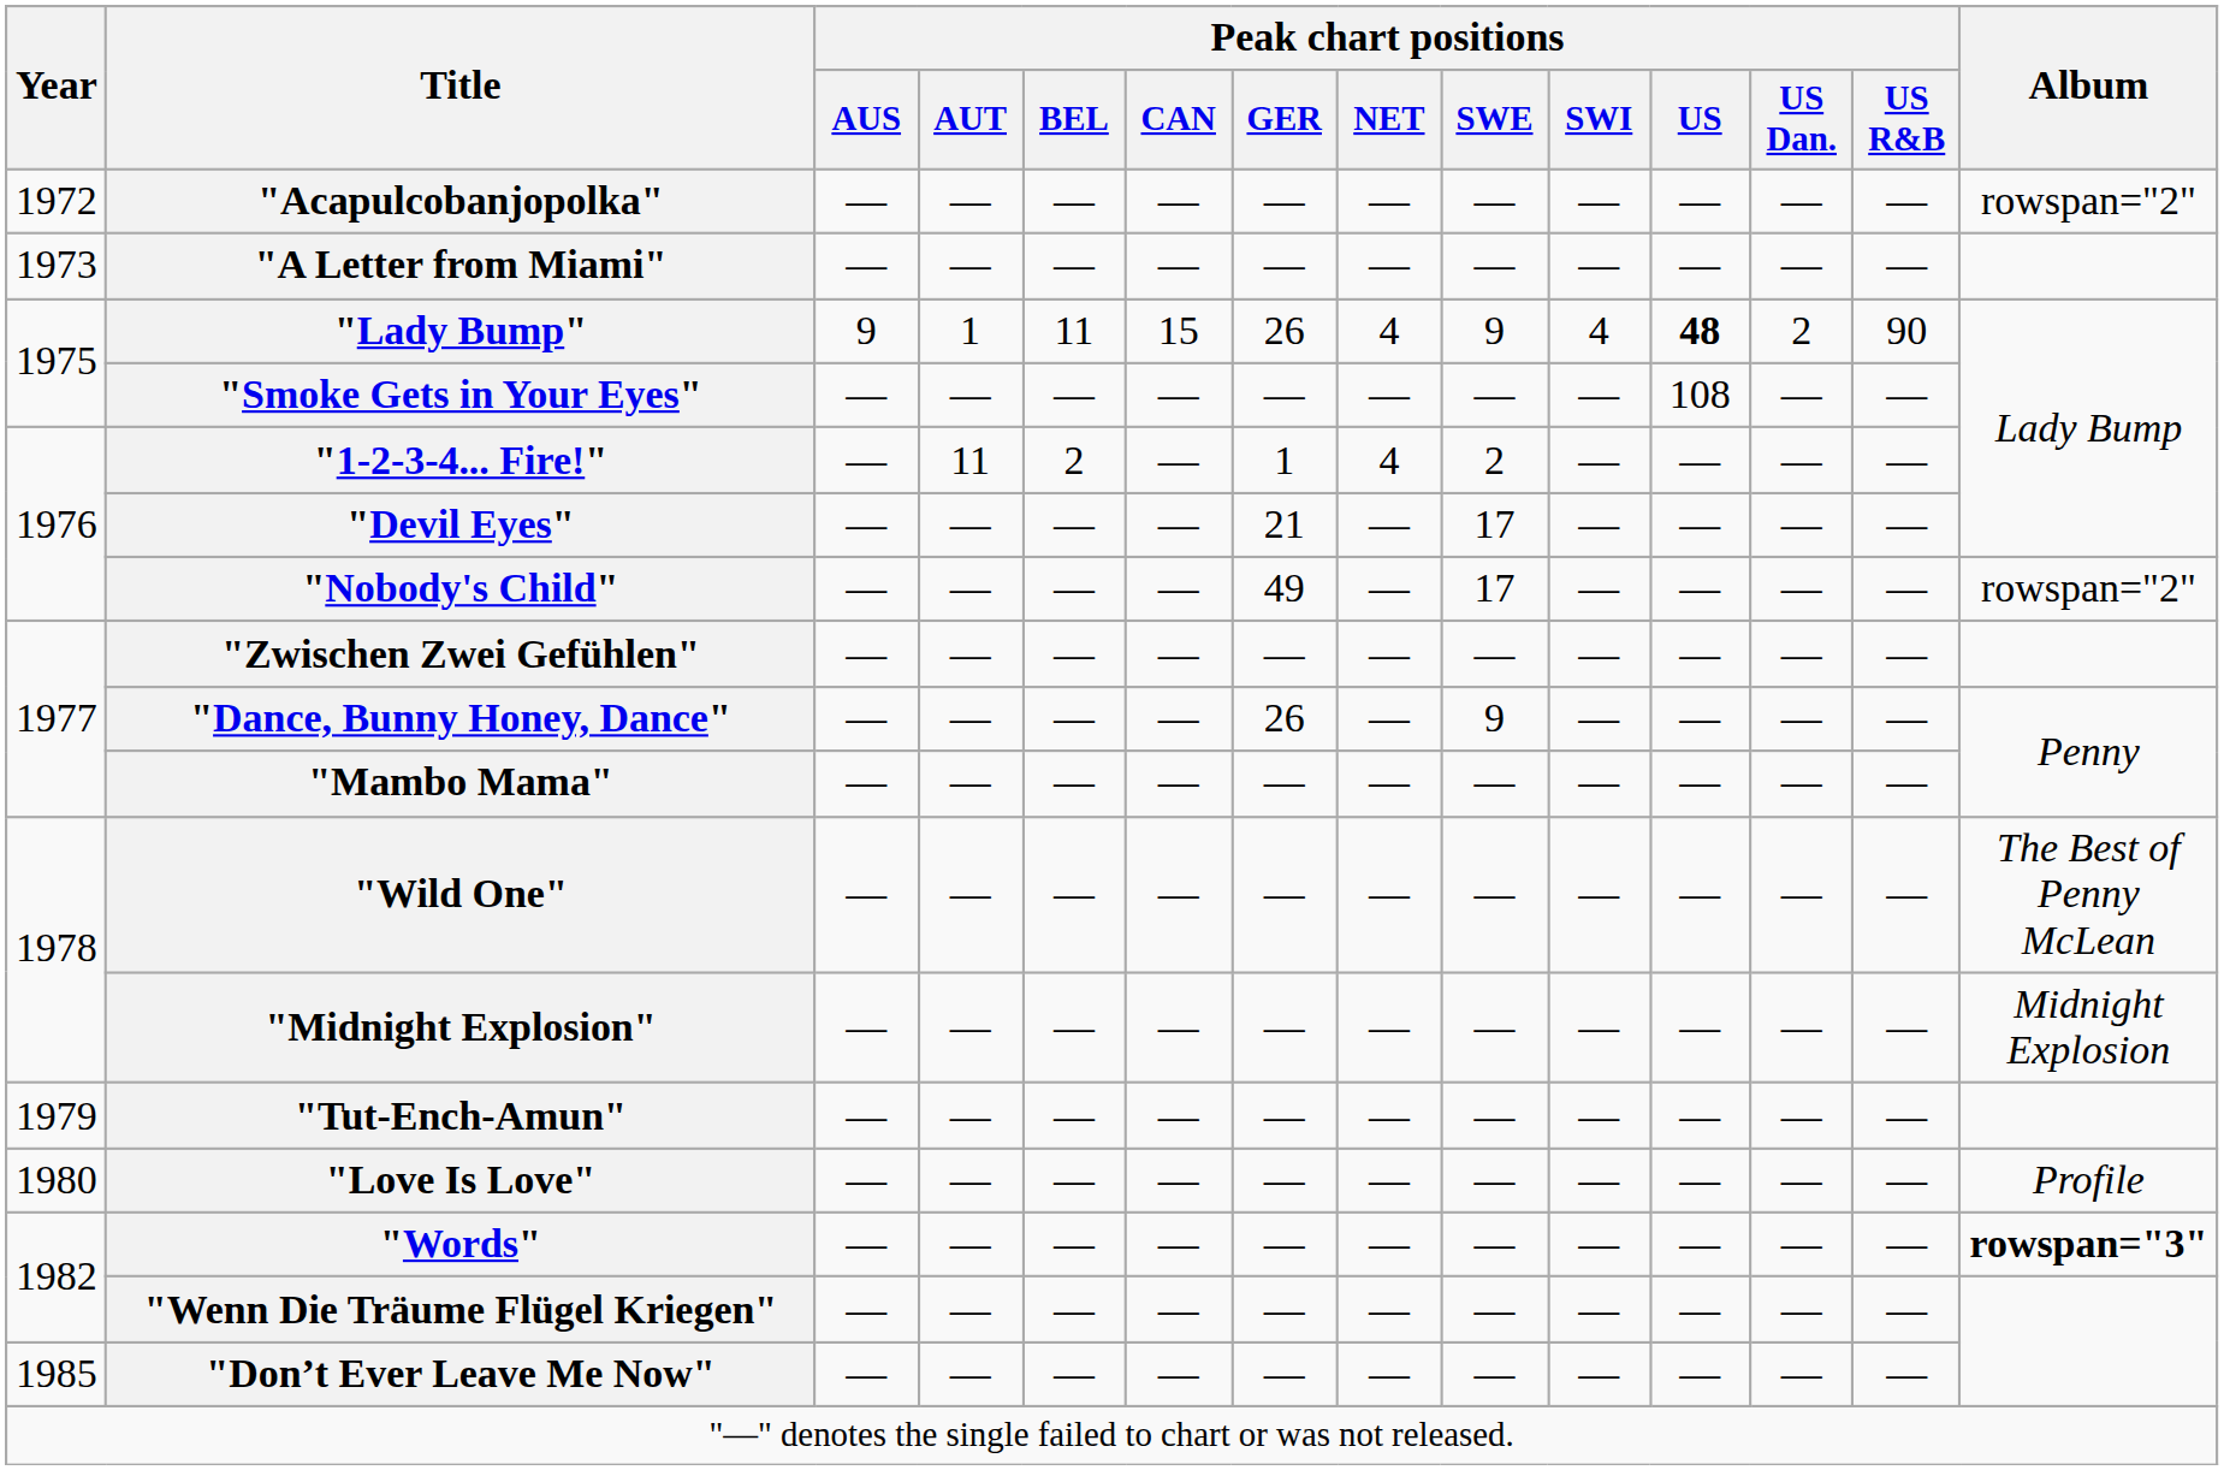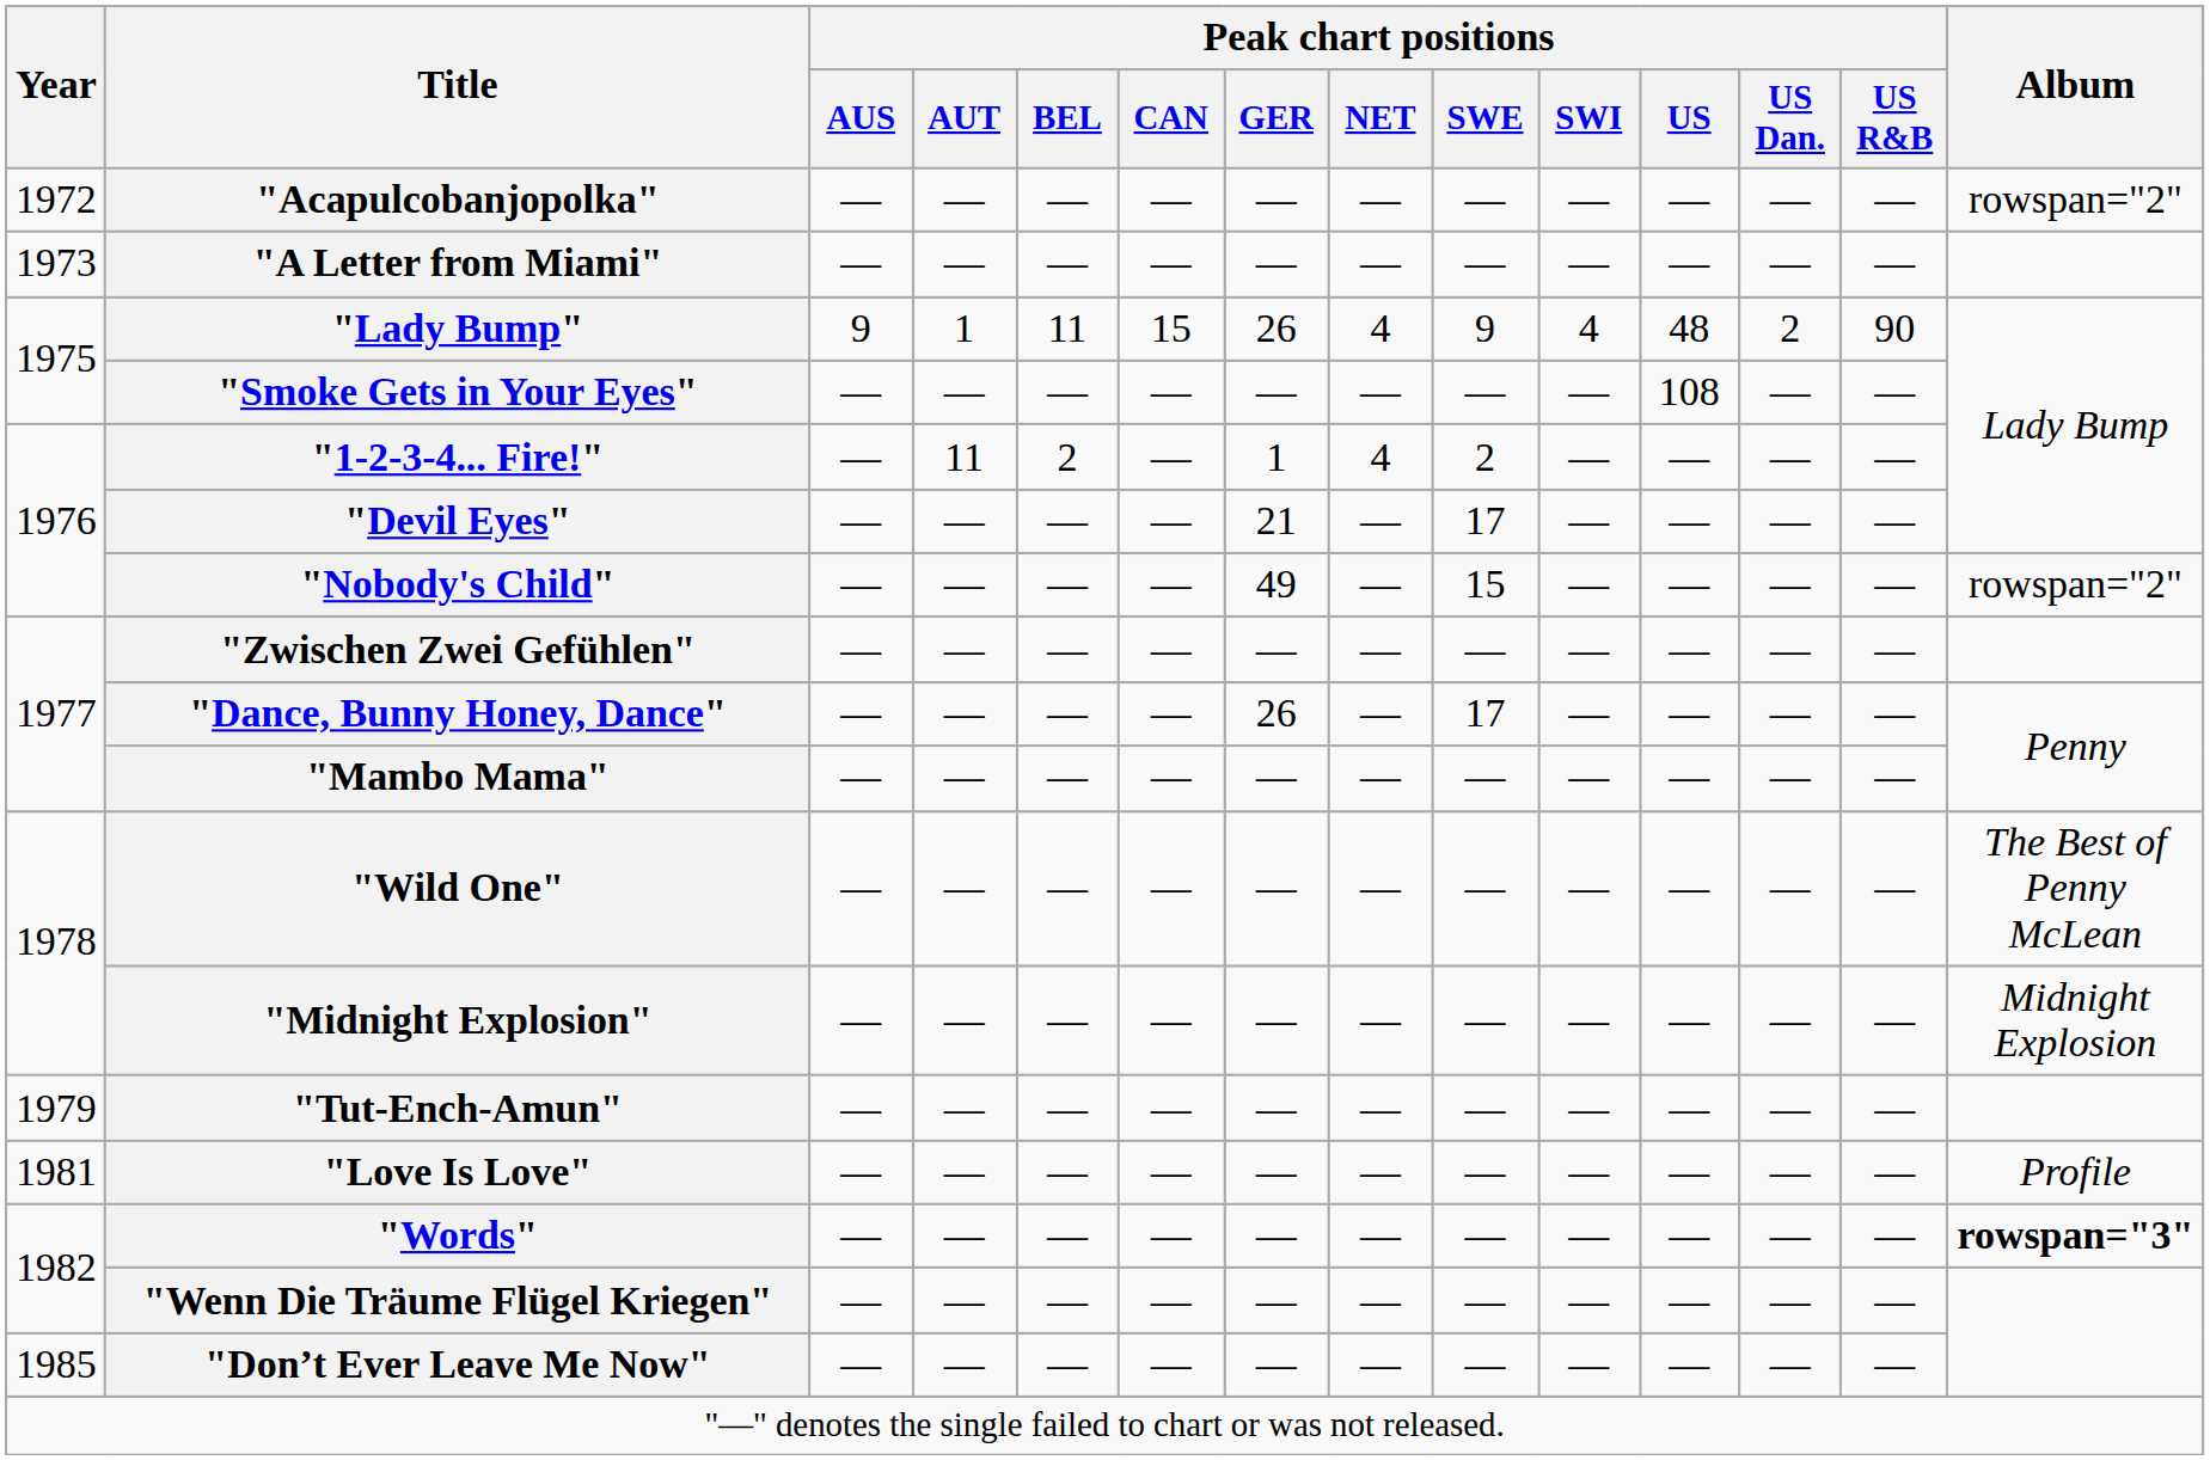 <table class="wikitable plainrowheaders" style="text-align:center;">
 <tr>
 <th scope="col" rowspan="2">Year</th>
 <th scope="col" rowspan="2" style="width:24em;">Title</th>
 <th scope="col" colspan="11">Peak chart positions</th>
 <th scope="col" rowspan="2">Album</th>
 </tr>
 <tr>
 <th style="width:3em;font-size:85%"><a href='#'>AUS</a><br></th>
 <th style="width:3em;font-size:85%"><a href='#'>AUT</a><br></th>
 <th style="width:3em;font-size:85%"><a href='#'>BEL</a><br></th>
 <th style="width:3em;font-size:85%"><a href='#'>CAN</a><br></th>
 <th style="width:3em;font-size:85%"><a href='#'>GER</a><br></th>
 <th style="width:3em;font-size:85%"><a href='#'>NET</a><br></th>
 <th style="width:3em;font-size:85%"><a href='#'>SWE</a><br></th>
 <th style="width:3em;font-size:85%"><a href='#'>SWI</a><br></th>
 <th style="width:3em;font-size:85%"><a href='#'>US</a><br></th>
 <th style="width:3em;font-size:85%"><a href='#'>US Dan.</a><br></th>
 <th style="width:3em;font-size:85%"><a href='#'>US R&B</a><br></th>
 </tr>
 <tr>
 <td>1972</td>
 <th scope="row">"Acapulcobanjopolka"</th>
 <td>—</td>
 <td>—</td>
 <td>—</td>
 <td>—</td>
 <td>—</td>
 <td>—</td>
 <td>—</td>
 <td>—</td>
 <td>—</td>
 <td>—</td>
 <td>—</td>
 <td>rowspan="2" </td>
 </tr>
 <tr>
 <td>1973</td>
 <th scope="row">"A Letter from Miami"</th>
 <td>—</td>
 <td>—</td>
 <td>—</td>
 <td>—</td>
 <td>—</td>
 <td>—</td>
 <td>—</td>
 <td>—</td>
 <td>—</td>
 <td>—</td>
 <td>—</td>
 </tr>
 <tr>
 <td rowspan="2">1975</td>
 <th scope="row">"<a href='#'>Lady Bump</a>"</th>
 <td>9</td>
 <td>1</td>
 <td>11</td>
 <td>15</td>
 <td>26</td>
 <td>4</td>
 <td>9</td>
 <td>4</td>
-<td><strong>48</strong></td>
+<td>48</td>
 <td>2</td>
 <td>90</td>
 <td rowspan="4"><em>Lady Bump</em></td>
 </tr>
 <tr>
 <th scope="row">"<a href='#'>Smoke Gets in Your Eyes</a>"</th>
 <td>—</td>
 <td>—</td>
 <td>—</td>
 <td>—</td>
 <td>—</td>
 <td>—</td>
 <td>—</td>
 <td>—</td>
 <td>108</td>
 <td>—</td>
 <td>—</td>
 </tr>
 <tr>
 <td rowspan="3">1976</td>
 <th scope="row">"<a href='#'>1-2-3-4... Fire!</a>"</th>
 <td>—</td>
 <td>11</td>
 <td>2</td>
 <td>—</td>
 <td>1</td>
 <td>4</td>
 <td>2</td>
 <td>—</td>
 <td>—</td>
 <td>—</td>
 <td>—</td>
 </tr>
 <tr>
 <th scope="row">"<a href='#'>Devil Eyes</a>"</th>
 <td>—</td>
 <td>—</td>
 <td>—</td>
 <td>—</td>
 <td>21</td>
 <td>—</td>
 <td>17</td>
 <td>—</td>
 <td>—</td>
 <td>—</td>
 <td>—</td>
 </tr>
 <tr>
 <th scope="row">"<a href='#'>Nobody's Child</a>"</th>
 <td>—</td>
 <td>—</td>
 <td>—</td>
 <td>—</td>
 <td>49</td>
 <td>—</td>
-<td>17</td>
+<td>15</td>
 <td>—</td>
 <td>—</td>
 <td>—</td>
 <td>—</td>
 <td>rowspan="2" </td>
 </tr>
 <tr>
 <td rowspan="3">1977</td>
 <th scope="row">"Zwischen Zwei Gefühlen"</th>
 <td>—</td>
 <td>—</td>
 <td>—</td>
 <td>—</td>
 <td>—</td>
 <td>—</td>
 <td>—</td>
 <td>—</td>
 <td>—</td>
 <td>—</td>
 <td>—</td>
 </tr>
 <tr>
 <th scope="row">"<a href='#'>Dance, Bunny Honey, Dance</a>"</th>
 <td>—</td>
 <td>—</td>
 <td>—</td>
 <td>—</td>
 <td>26</td>
 <td>—</td>
-<td>9</td>
+<td>17</td>
 <td>—</td>
 <td>—</td>
 <td>—</td>
 <td>—</td>
 <td rowspan="2"><em>Penny</em></td>
 </tr>
 <tr>
 <th scope="row">"Mambo Mama"</th>
 <td>—</td>
 <td>—</td>
 <td>—</td>
 <td>—</td>
 <td>—</td>
 <td>—</td>
 <td>—</td>
 <td>—</td>
 <td>—</td>
 <td>—</td>
 <td>—</td>
 </tr>
 <tr>
 <td rowspan="2">1978</td>
 <th scope="row">"Wild One"</th>
 <td>—</td>
 <td>—</td>
 <td>—</td>
 <td>—</td>
 <td>—</td>
 <td>—</td>
 <td>—</td>
 <td>—</td>
 <td>—</td>
 <td>—</td>
 <td>—</td>
 <td><em>The Best of Penny McLean</em></td>
 </tr>
 <tr>
 <th scope="row">"Midnight Explosion"</th>
 <td>—</td>
 <td>—</td>
 <td>—</td>
 <td>—</td>
 <td>—</td>
 <td>—</td>
 <td>—</td>
 <td>—</td>
 <td>—</td>
 <td>—</td>
 <td>—</td>
 <td><em>Midnight Explosion</em></td>
 </tr>
 <tr>
 <td>1979</td>
 <th scope="row">"Tut-Ench-Amun"</th>
 <td>—</td>
 <td>—</td>
 <td>—</td>
 <td>—</td>
 <td>—</td>
 <td>—</td>
 <td>—</td>
 <td>—</td>
 <td>—</td>
 <td>—</td>
 <td>—</td>
 <td></td>
 </tr>
 <tr>
-<td>1980</td>
+<td>1981</td>
 <th scope="row">"Love Is Love"</th>
 <td>—</td>
 <td>—</td>
 <td>—</td>
 <td>—</td>
 <td>—</td>
 <td>—</td>
 <td>—</td>
 <td>—</td>
 <td>—</td>
 <td>—</td>
 <td>—</td>
 <td><em>Profile</em></td>
 </tr>
 <tr>
 <td rowspan="2">1982</td>
 <th scope="row">"<a href='#'>Words</a>"</th>
 <td>—</td>
 <td>—</td>
 <td>—</td>
 <td>—</td>
 <td>—</td>
 <td>—</td>
 <td>—</td>
 <td>—</td>
 <td>—</td>
 <td>—</td>
 <td>—</td>
 <td><strong>rowspan="3" </strong></td>
 </tr>
 <tr>
 <th scope="row">"Wenn Die Träume Flügel Kriegen"</th>
 <td>—</td>
 <td>—</td>
 <td>—</td>
 <td>—</td>
 <td>—</td>
 <td>—</td>
 <td>—</td>
 <td>—</td>
 <td>—</td>
 <td>—</td>
 <td>—</td>
 </tr>
 <tr>
 <td>1985</td>
 <th scope="row">"Don’t Ever Leave Me Now"</th>
 <td>—</td>
 <td>—</td>
 <td>—</td>
 <td>—</td>
 <td>—</td>
 <td>—</td>
 <td>—</td>
 <td>—</td>
 <td>—</td>
 <td>—</td>
 <td>—</td>
 </tr>
 <tr>
 <td colspan="20" style="font-size:85%">"—" denotes the single failed to chart or was not released.</td>
 </tr>
 </table>
